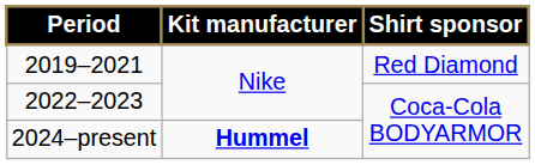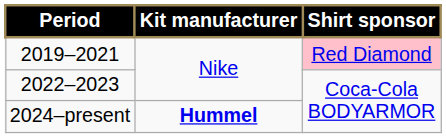 <table class="wikitable" style="text-align: center">
 <tr>
 <th style="background:#000000; color:white; border:2px solid #A08B58;">Period</th>
 <th style="background:#000000; color:white; border:2px solid #A08B58;">Kit manufacturer</th>
 <th style="background:#000000; color:white; border:2px solid #A08B58;">Shirt sponsor</th>
 </tr>
 <tr>
 <td>2019–2021</td>
 <td rowspan="2"><a href='#'>Nike</a></td>
-<td><a href='#'>Red Diamond</a></td>
+<td style="background: pink;"><a href='#'>Red Diamond</a></td>
 </tr>
 <tr>
 <td>2022–2023</td>
 <td rowspan="2"><a href='#'>Coca-Cola</a><br><a href='#'>BODYARMOR</a></td>
 </tr>
 <tr>
 <td>2024–present</td>
 <td><strong><a href='#'>Hummel</a></strong></td>
 </tr>
 </table>
